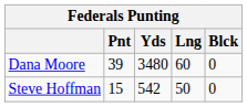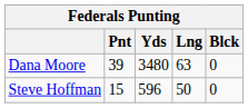 <table class="wikitable">
 <tr>
 <th colspan="5">Federals Punting</th>
 </tr>
 <tr>
 <th></th>
 <th>Pnt</th>
 <th>Yds</th>
 <th>Lng</th>
 <th>Blck</th>
 </tr>
 <tr>
 <td><a href='#'>Dana Moore</a></td>
 <td>39</td>
 <td>3480</td>
-<td>60</td>
+<td>63</td>
 <td>0</td>
 </tr>
 <tr>
 <td><a href='#'>Steve Hoffman</a></td>
 <td>15</td>
-<td>542</td>
+<td>596</td>
 <td>50</td>
 <td>0</td>
 </tr>
 </table>
